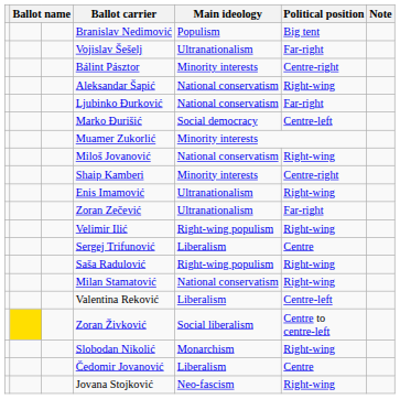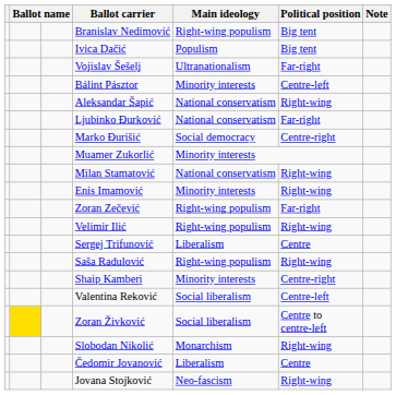 <table class="wikitable">
 <tr>
 <th></th>
 <th colspan="2">Ballot name</th>
 <th>Ballot carrier</th>
 <th>Main ideology</th>
 <th>Political position</th>
 <th>Note </th>
 </tr>
 <tr>
 <td></td>
 <td style="background:"></td>
 <td></td>
 <td><a href='#'>Branislav Nedimović</a></td>
+<td><a href='#'>Right-wing populism</a></td>
+<td><a href='#'>Big tent</a></td>
+<td></td>
+</tr>
+<tr>
+<td></td>
+<td style="background:"></td>
+<td></td>
+<td><a href='#'>Ivica Dačić</a></td>
 <td><a href='#'>Populism</a></td>
 <td><a href='#'>Big tent</a></td>
 <td></td>
 </tr>
 <tr>
 <td></td>
 <td style="background:"></td>
 <td></td>
 <td><a href='#'>Vojislav Šešelj</a></td>
 <td><a href='#'>Ultranationalism</a></td>
 <td><a href='#'>Far-right</a></td>
 <td></td>
 </tr>
 <tr>
 <td></td>
 <td style="background:"></td>
 <td></td>
 <td><a href='#'>Bálint Pásztor</a></td>
 <td><a href='#'>Minority interests</a></td>
-<td><a href='#'>Centre-right</a></td>
+<td><a href='#'>Centre-left</a></td>
 <td></td>
 </tr>
 <tr>
 <td></td>
 <td style="background:"></td>
 <td></td>
 <td><a href='#'>Aleksandar Šapić</a></td>
 <td><a href='#'>National conservatism</a></td>
 <td><a href='#'>Right-wing</a></td>
 <td></td>
 </tr>
 <tr>
 <td></td>
 <td style="background:"></td>
 <td></td>
 <td><a href='#'>Ljubinko Đurković</a></td>
 <td><a href='#'>National conservatism</a></td>
 <td><a href='#'>Far-right</a></td>
 <td></td>
 </tr>
 <tr>
 <td></td>
 <td style="background:"></td>
 <td></td>
 <td><a href='#'>Marko Đurišić</a></td>
 <td><a href='#'>Social democracy</a></td>
-<td><a href='#'>Centre-left</a></td>
+<td><a href='#'>Centre-right</a></td>
 <td></td>
 </tr>
 <tr>
 <td></td>
 <td style="background:"></td>
 <td></td>
 <td><a href='#'>Muamer Zukorlić</a></td>
 <td colspan="2"><a href='#'>Minority interests</a></td>
 <td></td>
 </tr>
 <tr>
 <td></td>
 <td style="background:"></td>
 <td></td>
-<td><a href='#'>Miloš Jovanović</a></td>
+<td><a href='#'>Milan Stamatović</a></td>
 <td><a href='#'>National conservatism</a></td>
 <td><a href='#'>Right-wing</a></td>
 <td></td>
 </tr>
 <tr>
 <td></td>
 <td style="background:"></td>
 <td></td>
-<td><a href='#'>Shaip Kamberi</a></td>
+<td><a href='#'>Enis Imamović</a></td>
 <td><a href='#'>Minority interests</a></td>
-<td><a href='#'>Centre-right</a></td>
-<td></td>
-</tr>
-<tr>
-<td></td>
-<td style="background:"></td>
-<td></td>
-<td><a href='#'>Enis Imamović</a></td>
-<td><a href='#'>Ultranationalism</a></td>
 <td><a href='#'>Right-wing</a></td>
 <td></td>
 </tr>
 <tr>
 <td></td>
 <td style="background:"></td>
 <td></td>
 <td><a href='#'>Zoran Zečević</a></td>
-<td><a href='#'>Ultranationalism</a></td>
+<td><a href='#'>Right-wing populism</a></td>
 <td><a href='#'>Far-right</a></td>
 <td></td>
 </tr>
 <tr>
 <td></td>
 <td style="background:"></td>
 <td></td>
 <td><a href='#'>Velimir Ilić</a></td>
 <td><a href='#'>Right-wing populism</a></td>
 <td><a href='#'>Right-wing</a></td>
 <td></td>
 </tr>
 <tr>
 <td></td>
 <td style="background:"></td>
 <td></td>
 <td><a href='#'>Sergej Trifunović</a></td>
 <td><a href='#'>Liberalism</a></td>
 <td><a href='#'>Centre</a></td>
 <td></td>
 </tr>
 <tr>
 <td></td>
 <td style="background:"></td>
 <td></td>
 <td><a href='#'>Saša Radulović</a></td>
 <td><a href='#'>Right-wing populism</a></td>
 <td><a href='#'>Right-wing</a></td>
 <td></td>
 </tr>
 <tr>
 <td></td>
 <td style="background:"></td>
 <td></td>
-<td><a href='#'>Milan Stamatović</a></td>
-<td><a href='#'>National conservatism</a></td>
-<td><a href='#'>Right-wing</a></td>
+<td><a href='#'>Shaip Kamberi</a></td>
+<td><a href='#'>Minority interests</a></td>
+<td><a href='#'>Centre-right</a></td>
 <td></td>
 </tr>
 <tr>
 <td></td>
 <td style="background:"></td>
 <td></td>
 <td>Valentina Reković</td>
-<td><a href='#'>Liberalism</a></td>
+<td><a href='#'>Social liberalism</a></td>
 <td><a href='#'>Centre-left</a></td>
 <td></td>
 </tr>
 <tr>
 <td></td>
 <td style="background:#FFDF00"></td>
 <td></td>
 <td><a href='#'>Zoran Živković</a></td>
 <td><a href='#'>Social liberalism</a></td>
 <td><a href='#'>Centre</a> to<br><a href='#'>centre-left</a></td>
 <td></td>
 </tr>
 <tr>
 <td></td>
 <td style="background:"></td>
 <td></td>
 <td><a href='#'>Slobodan Nikolić</a></td>
 <td><a href='#'>Monarchism</a></td>
 <td><a href='#'>Right-wing</a></td>
 <td></td>
 </tr>
 <tr>
 <td></td>
 <td style="background:"></td>
 <td></td>
 <td><a href='#'>Čedomir Jovanović</a></td>
 <td><a href='#'>Liberalism</a></td>
 <td><a href='#'>Centre</a></td>
 <td></td>
 </tr>
 <tr>
 <td></td>
 <td style="background:"></td>
 <td></td>
 <td>Jovana Stojković</td>
 <td><a href='#'>Neo-fascism</a></td>
 <td><a href='#'>Right-wing</a></td>
 <td></td>
 </tr>
 </table>
